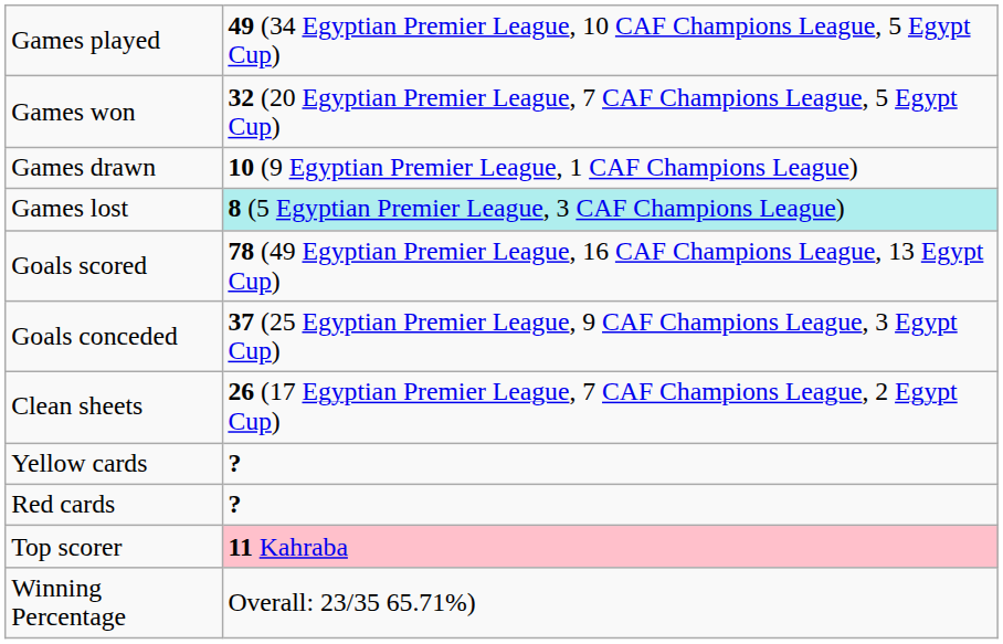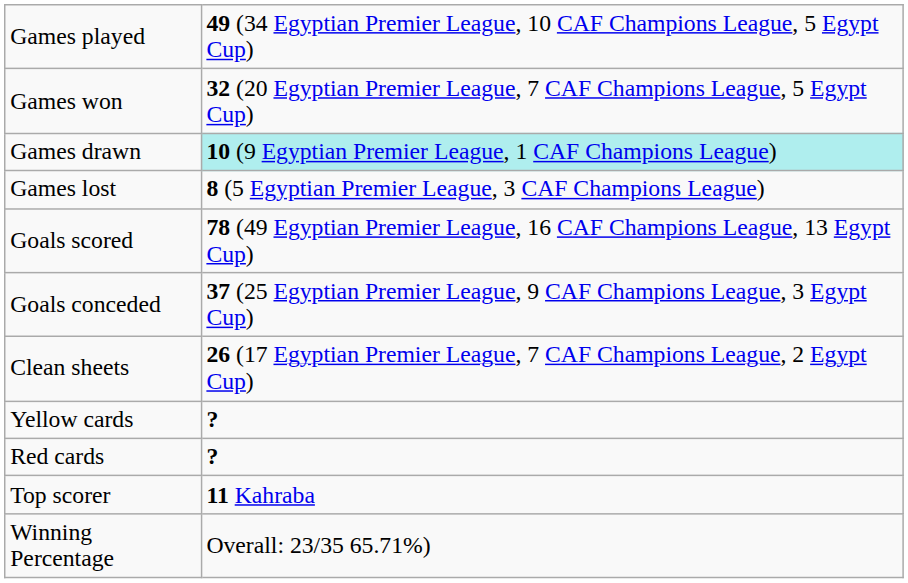 <table class="wikitable">
 <tr>
 <td>Games played</td>
 <td><strong>49</strong>  (34 <a href='#'>Egyptian Premier League</a>, 10 <a href='#'>CAF Champions League</a>, 5 <a href='#'>Egypt Cup</a>)</td>
 </tr>
 <tr>
 <td>Games won</td>
 <td><strong>32</strong> (20 <a href='#'>Egyptian Premier League</a>, 7 <a href='#'>CAF Champions League</a>, 5 <a href='#'>Egypt Cup</a>)</td>
 </tr>
 <tr>
 <td>Games drawn</td>
-<td><strong>10</strong> (9 <a href='#'>Egyptian Premier League</a>, 1 <a href='#'>CAF Champions League</a>)</td>
+<td style="background: paleturquoise;"><strong>10</strong> (9 <a href='#'>Egyptian Premier League</a>, 1 <a href='#'>CAF Champions League</a>)</td>
 </tr>
 <tr>
 <td>Games lost</td>
-<td style="background: paleturquoise;"><strong>8</strong> (5 <a href='#'>Egyptian Premier League</a>, 3 <a href='#'>CAF Champions League</a>)</td>
+<td><strong>8</strong> (5 <a href='#'>Egyptian Premier League</a>, 3 <a href='#'>CAF Champions League</a>)</td>
 </tr>
 <tr>
 <td>Goals scored</td>
 <td><strong>78</strong>  (49 <a href='#'>Egyptian Premier League</a>, 16 <a href='#'>CAF Champions League</a>, 13 <a href='#'>Egypt Cup</a>)</td>
 </tr>
 <tr>
 <td>Goals conceded</td>
 <td><strong>37</strong> (25 <a href='#'>Egyptian Premier League</a>, 9 <a href='#'>CAF Champions League</a>, 3 <a href='#'>Egypt Cup</a>)</td>
 </tr>
 <tr>
 <td>Clean sheets</td>
 <td><strong>26</strong> (17 <a href='#'>Egyptian Premier League</a>, 7 <a href='#'>CAF Champions League</a>, 2 <a href='#'>Egypt Cup</a>)</td>
 </tr>
 <tr>
 <td>Yellow cards</td>
 <td><strong>?</strong></td>
 </tr>
 <tr>
 <td>Red cards</td>
 <td><strong>?</strong></td>
 </tr>
 <tr>
 <td>Top scorer</td>
-<td style="background: pink;"><strong>11</strong>  <a href='#'>Kahraba</a></td>
+<td><strong>11</strong>  <a href='#'>Kahraba</a></td>
 </tr>
 <tr>
 <td>Winning Percentage</td>
 <td>Overall: 23/35 65.71%)</td>
 </tr>
 </table>
